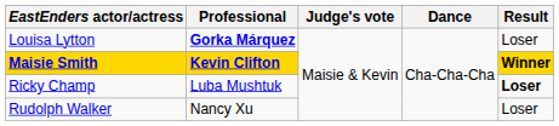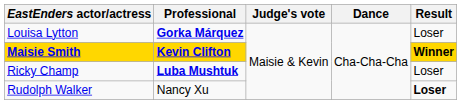 <table class="wikitable">
 <tr>
 <th><em>EastEnders</em> actor/actress</th>
 <th>Professional</th>
 <th>Judge's vote</th>
 <th>Dance</th>
 <th>Result</th>
 </tr>
 <tr>
 <td><a href='#'>Louisa Lytton</a></td>
 <td><strong><a href='#'>Gorka Márquez</a></strong></td>
 <td rowspan=4>Maisie & Kevin</td>
 <td rowspan=4>Cha-Cha-Cha</td>
 <td>Loser</td>
 </tr>
 <tr style="background:gold;"|>
 <td><strong><a href='#'>Maisie Smith</a></strong></td>
 <td><strong><a href='#'>Kevin Clifton</a></strong></td>
 <td><strong>Winner</strong></td>
 </tr>
 <tr>
 <td><a href='#'>Ricky Champ</a></td>
-<td><a href='#'>Luba Mushtuk</a></td>
-<td><strong>Loser</strong></td>
+<td><strong><a href='#'>Luba Mushtuk</a></strong></td>
+<td>Loser</td>
 </tr>
 <tr>
 <td><a href='#'>Rudolph Walker</a></td>
 <td>Nancy Xu</td>
-<td>Loser</td>
+<td><strong>Loser</strong></td>
 </tr>
 </table>
